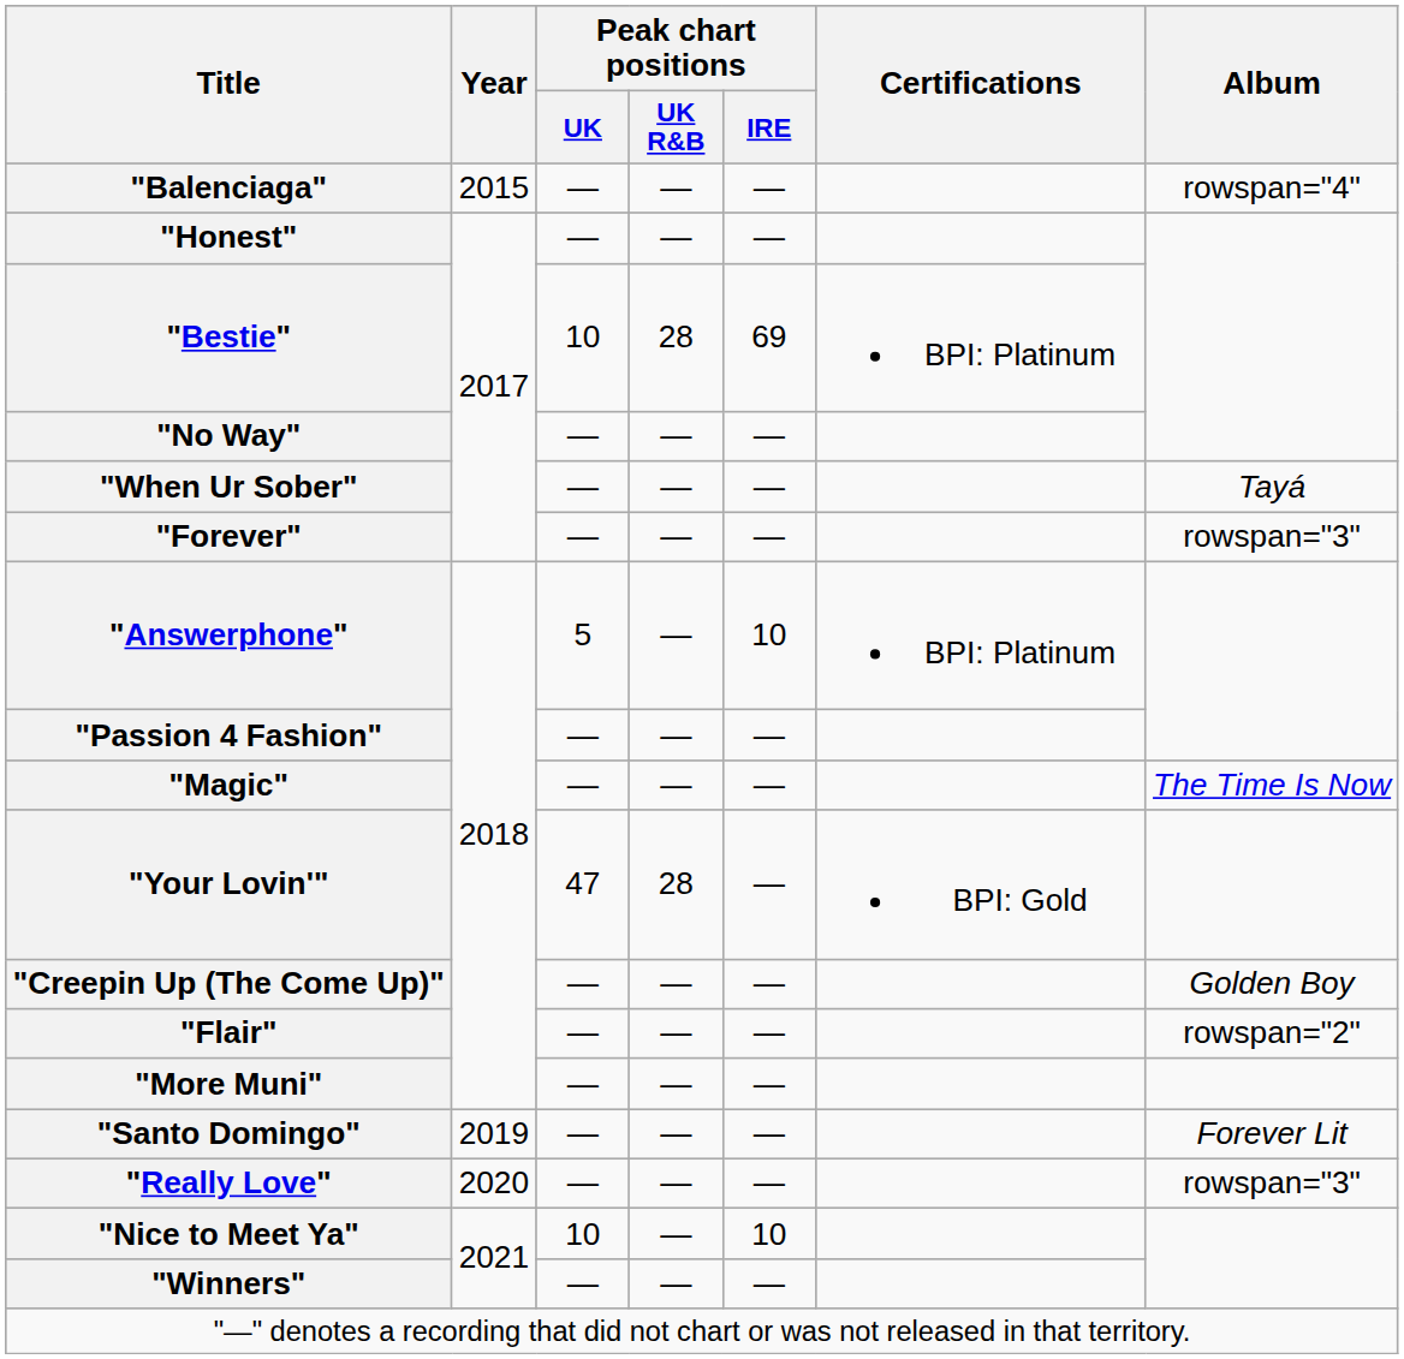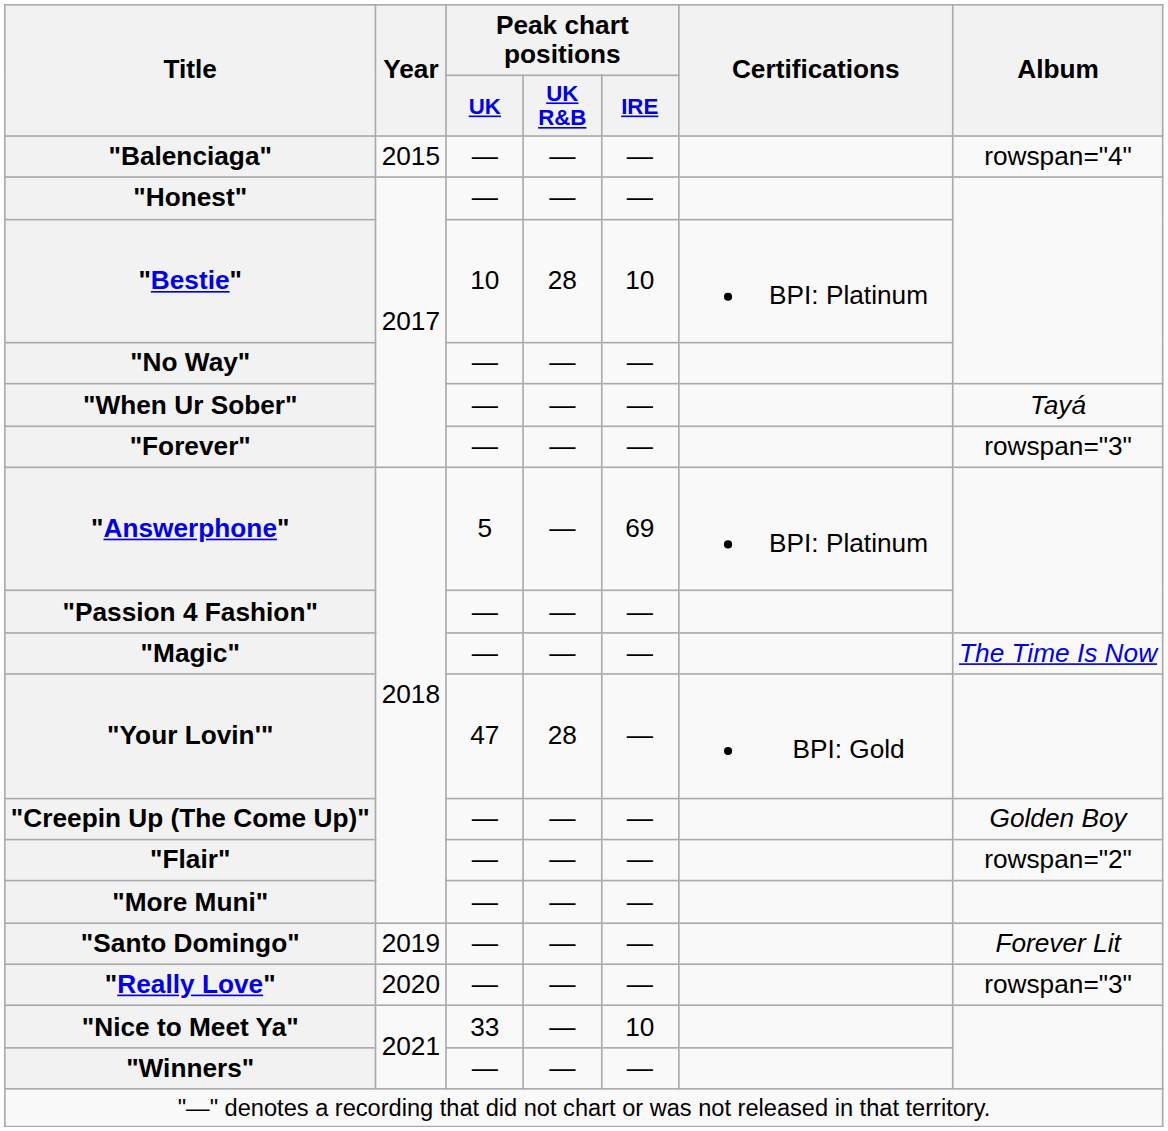 <table class="wikitable plainrowheaders" style="text-align:center;">
 <tr>
 <th scope="col" rowspan="2">Title</th>
 <th scope="col" rowspan="2">Year</th>
 <th scope="col" colspan="3">Peak chart positions</th>
 <th scope="col" rowspan="2" style="width:10em;">Certifications</th>
 <th scope="col" rowspan="2">Album</th>
 </tr>
 <tr>
 <th scope="col" style="width:3em;font-size:85%;"><a href='#'>UK</a><br></th>
 <th scope="col" style="width:3em;font-size:85%;"><a href='#'>UK<br>R&B</a><br></th>
 <th scope="col" style="width:3em;font-size:85%;"><a href='#'>IRE</a><br></th>
 </tr>
 <tr>
 <th scope="row">"Balenciaga"<br></th>
 <td>2015</td>
 <td>—</td>
 <td>—</td>
 <td>—</td>
 <td></td>
 <td>rowspan="4" </td>
 </tr>
 <tr>
 <th scope="row">"Honest"<br></th>
 <td rowspan="5">2017</td>
 <td>—</td>
 <td>—</td>
 <td>—</td>
 <td></td>
 </tr>
 <tr>
 <th scope="row">"<a href='#'>Bestie</a>"<br></th>
 <td>10</td>
 <td>28</td>
-<td>69</td>
+<td>10</td>
 <td><br><ul><li>BPI: Platinum</li></ul></td>
 </tr>
 <tr>
 <th scope="row">"No Way"<br></th>
 <td>—</td>
 <td>—</td>
 <td>—</td>
 <td></td>
 </tr>
 <tr>
 <th scope="row">"When Ur Sober"<br></th>
 <td>—</td>
 <td>—</td>
 <td>—</td>
 <td></td>
 <td><em>Tayá</em></td>
 </tr>
 <tr>
 <th scope="row">"Forever"<br></th>
 <td>—</td>
 <td>—</td>
 <td>—</td>
 <td></td>
 <td>rowspan="3" </td>
 </tr>
 <tr>
 <th scope="row">"<a href='#'>Answerphone</a>"<br></th>
 <td rowspan="7">2018</td>
 <td>5</td>
 <td>—</td>
-<td>10</td>
+<td>69</td>
 <td><br><ul><li>BPI: Platinum</li></ul></td>
 </tr>
 <tr>
 <th scope="row">"Passion 4 Fashion"<br></th>
 <td>—</td>
 <td>—</td>
 <td>—</td>
 <td></td>
 </tr>
 <tr>
 <th scope="row">"Magic"<br></th>
 <td>—</td>
 <td>—</td>
 <td>—</td>
 <td></td>
 <td><em><a href='#'>The Time Is Now</a></em></td>
 </tr>
 <tr>
 <th scope="row">"Your Lovin'"<br></th>
 <td>47</td>
 <td>28</td>
 <td>—</td>
 <td><br><ul><li>BPI: Gold</li></ul></td>
 <td></td>
 </tr>
 <tr>
 <th scope="row">"Creepin Up (The Come Up)"<br></th>
 <td>—</td>
 <td>—</td>
 <td>—</td>
 <td></td>
 <td><em>Golden Boy</em></td>
 </tr>
 <tr>
 <th scope="row">"Flair"<br></th>
 <td>—</td>
 <td>—</td>
 <td>—</td>
 <td></td>
 <td>rowspan="2" </td>
 </tr>
 <tr>
 <th scope="row">"More Muni"<br></th>
 <td>—</td>
 <td>—</td>
 <td>—</td>
 <td></td>
 </tr>
 <tr>
 <th scope="row">"Santo Domingo"<br></th>
 <td>2019</td>
 <td>—</td>
 <td>—</td>
 <td>—</td>
 <td></td>
 <td><em>Forever Lit</em></td>
 </tr>
 <tr>
 <th scope="row">"<a href='#'>Really Love</a>"<br></th>
 <td>2020</td>
 <td>—</td>
 <td>—</td>
 <td>—</td>
 <td></td>
 <td>rowspan="3" </td>
 </tr>
 <tr>
 <th scope="row">"Nice to Meet Ya"<br></th>
 <td rowspan="2">2021</td>
-<td>10</td>
+<td>33</td>
 <td>—</td>
 <td>10</td>
 <td></td>
 </tr>
 <tr>
 <th scope="row">"Winners"<br></th>
 <td>—</td>
 <td>—</td>
 <td>—</td>
 <td></td>
 </tr>
 <tr>
 <td colspan="12" style="font-size:90%">"—" denotes a recording that did not chart or was not released in that territory.</td>
 </tr>
 </table>
